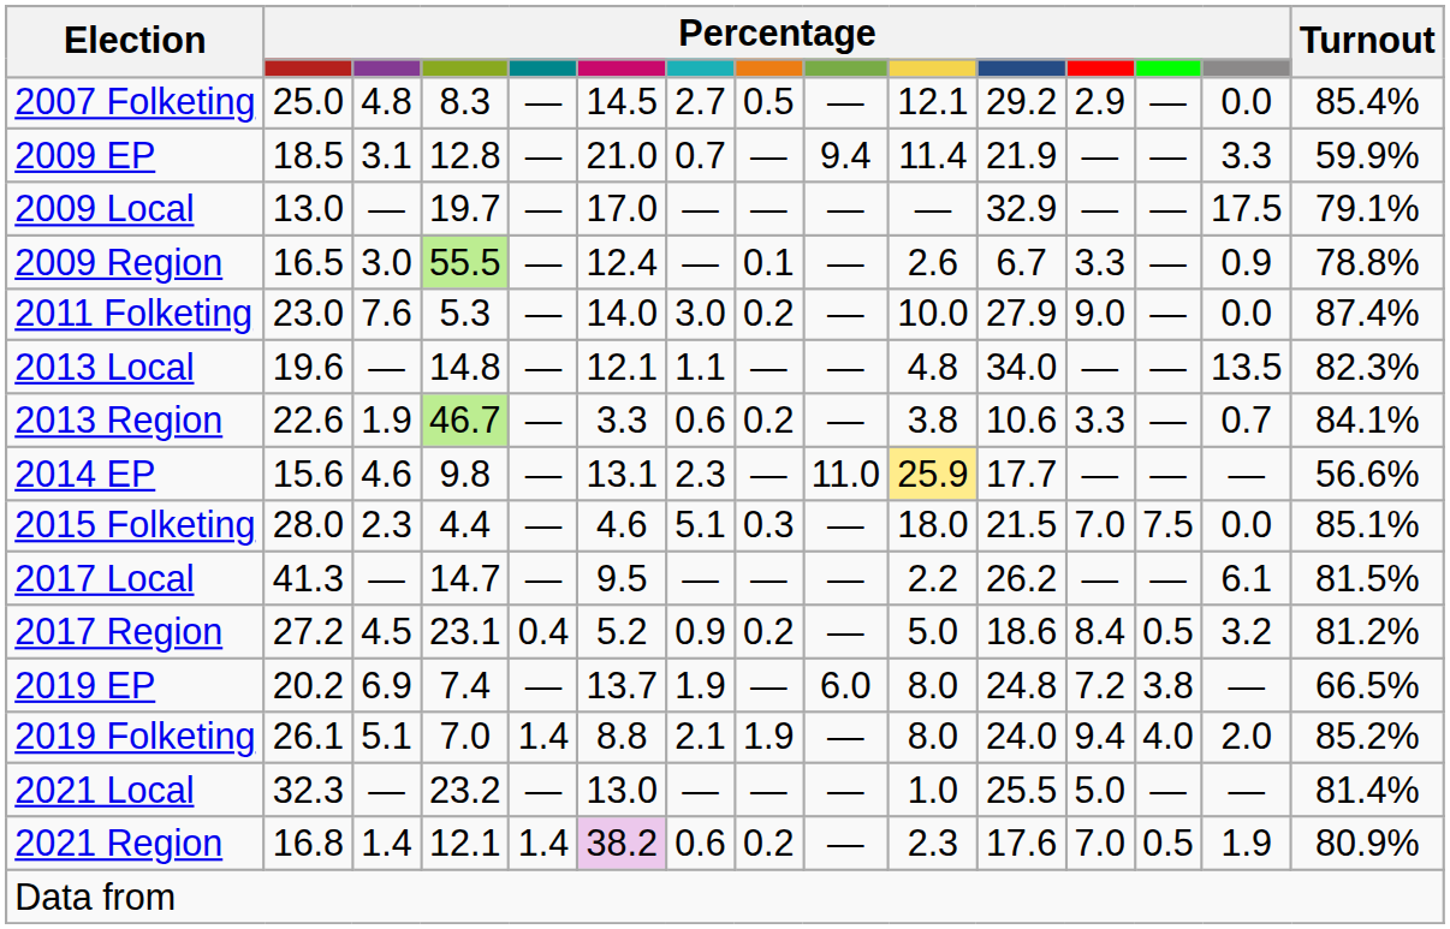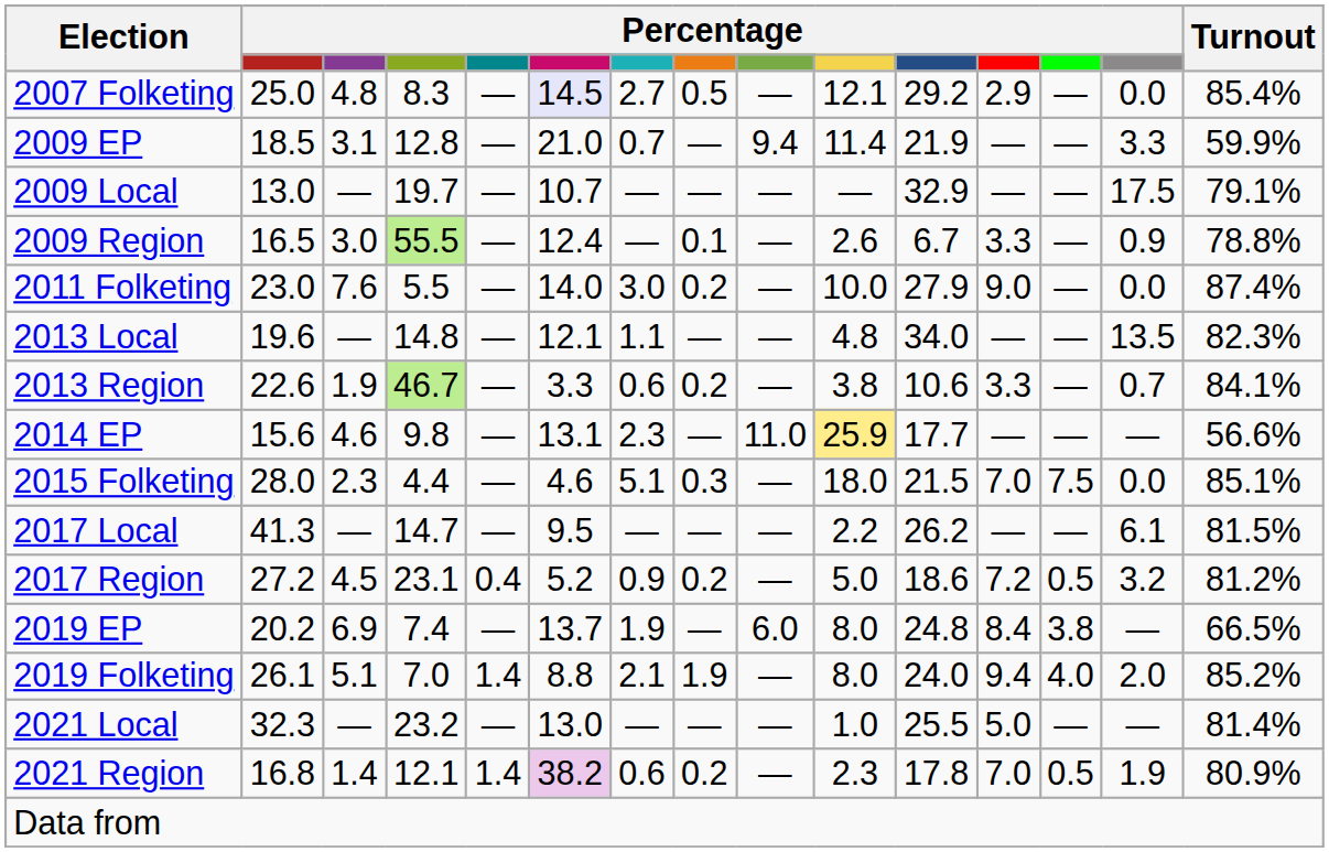 <table class="wikitable" style="text-align:center; font-size:90%; line-height:14px">
 <tr>
 <th rowspan=2>Election</th>
 <th colspan=13>Percentage</th>
 <th rowspan=2>Turnout</th>
 </tr>
 <tr>
 <td style="background:#B5211D; width:20px;"><strong><a href='#'></a></strong></td>
 <td style="background:#843A93; width:20px;"><strong><a href='#'></a></strong></td>
 <td style="background:#89A920; width:20px;"><strong><a href='#'></a></strong></td>
 <td style="background:#00868B; width:20px;"><strong><a href='#'></a></strong></td>
 <td style="background:#C9096C; width:20px;"><strong><a href='#'></a></strong></td>
 <td style="background:#1CB1B7; width:20px;"><strong><a href='#'></a></strong></td>
 <td style="background:#EC7D14; width:20px;"><strong><a href='#'></a></strong></td>
 <td style="background:#78AB46; width:20px;"><strong><a href='#'></a></strong></td>
 <td style="background:#F4D44D; width:20px;"><strong><a href='#'></a></strong></td>
 <td style="background:#254C85; width:20px;"><strong><a href='#'></a></strong></td>
 <td style="background:#FF0000; width:20px;"><strong><a href='#'></a></strong></td>
 <td style="background:#00FF00; width:20px;"><strong><a href='#'></a></strong></td>
 <td style="background:#8B8989; width:20px;"><strong></strong></td>
 </tr>
 <tr>
 <td style="text-align:left"><a href='#'>2007 Folketing</a></td>
 <td>25.0</td>
 <td>4.8</td>
 <td>8.3</td>
 <td>—</td>
-<td>14.5</td>
+<td style="background: lavender;">14.5</td>
 <td>2.7</td>
 <td>0.5</td>
 <td>—</td>
 <td>12.1</td>
 <td>29.2</td>
 <td>2.9</td>
 <td>—</td>
 <td>0.0</td>
 <td>85.4%</td>
 </tr>
 <tr>
 <td style="text-align:left"><a href='#'>2009 EP</a></td>
 <td>18.5</td>
 <td>3.1</td>
 <td>12.8</td>
 <td>—</td>
 <td>21.0</td>
 <td>0.7</td>
 <td>—</td>
 <td>9.4</td>
 <td>11.4</td>
 <td>21.9</td>
 <td>—</td>
 <td>—</td>
 <td>3.3</td>
 <td>59.9%</td>
 </tr>
 <tr>
 <td style="text-align:left"><a href='#'>2009 Local</a></td>
 <td>13.0</td>
 <td>—</td>
 <td>19.7</td>
 <td>—</td>
-<td>17.0</td>
+<td>10.7</td>
 <td>—</td>
 <td>—</td>
 <td>—</td>
 <td>—</td>
 <td>32.9</td>
 <td>—</td>
 <td>—</td>
 <td>17.5</td>
 <td>79.1%</td>
 </tr>
 <tr>
 <td style="text-align:left"><a href='#'>2009 Region</a></td>
 <td>16.5</td>
 <td>3.0</td>
 <td style="background:#BCED91;">55.5</td>
 <td>—</td>
 <td>12.4</td>
 <td>—</td>
 <td>0.1</td>
 <td>—</td>
 <td>2.6</td>
 <td>6.7</td>
 <td>3.3</td>
 <td>—</td>
 <td>0.9</td>
 <td>78.8%</td>
 </tr>
 <tr>
 <td style="text-align:left"><a href='#'>2011 Folketing</a></td>
 <td>23.0</td>
 <td>7.6</td>
-<td>5.3</td>
+<td>5.5</td>
 <td>—</td>
 <td>14.0</td>
 <td>3.0</td>
 <td>0.2</td>
 <td>—</td>
 <td>10.0</td>
 <td>27.9</td>
 <td>9.0</td>
 <td>—</td>
 <td>0.0</td>
 <td>87.4%</td>
 </tr>
 <tr>
 <td style="text-align:left"><a href='#'>2013 Local</a></td>
 <td>19.6</td>
 <td>—</td>
 <td>14.8</td>
 <td>—</td>
 <td>12.1</td>
 <td>1.1</td>
 <td>—</td>
 <td>—</td>
 <td>4.8</td>
 <td>34.0</td>
 <td>—</td>
 <td>—</td>
 <td>13.5</td>
 <td>82.3%</td>
 </tr>
 <tr>
 <td style="text-align:left"><a href='#'>2013 Region</a></td>
 <td>22.6</td>
 <td>1.9</td>
 <td style="background:#BCED91;">46.7</td>
 <td>—</td>
 <td>3.3</td>
 <td>0.6</td>
 <td>0.2</td>
 <td>—</td>
 <td>3.8</td>
 <td>10.6</td>
 <td>3.3</td>
 <td>—</td>
 <td>0.7</td>
 <td>84.1%</td>
 </tr>
 <tr>
 <td style="text-align:left"><a href='#'>2014 EP</a></td>
 <td>15.6</td>
 <td>4.6</td>
 <td>9.8</td>
 <td>—</td>
 <td>13.1</td>
 <td>2.3</td>
 <td>—</td>
 <td>11.0</td>
 <td style="background:#FFEC8B;">25.9</td>
 <td>17.7</td>
 <td>—</td>
 <td>—</td>
 <td>—</td>
 <td>56.6%</td>
 </tr>
 <tr>
 <td style="text-align:left"><a href='#'>2015 Folketing</a></td>
 <td>28.0</td>
 <td>2.3</td>
 <td>4.4</td>
 <td>—</td>
 <td>4.6</td>
 <td>5.1</td>
 <td>0.3</td>
 <td>—</td>
 <td>18.0</td>
 <td>21.5</td>
 <td>7.0</td>
 <td>7.5</td>
 <td>0.0</td>
 <td>85.1%</td>
 </tr>
 <tr>
 <td style="text-align:left"><a href='#'>2017 Local</a></td>
 <td>41.3</td>
 <td>—</td>
 <td>14.7</td>
 <td>—</td>
 <td>9.5</td>
 <td>—</td>
 <td>—</td>
 <td>—</td>
 <td>2.2</td>
 <td>26.2</td>
 <td>—</td>
 <td>—</td>
 <td>6.1</td>
 <td>81.5%</td>
 </tr>
 <tr>
 <td style="text-align:left"><a href='#'>2017 Region</a></td>
 <td>27.2</td>
 <td>4.5</td>
 <td>23.1</td>
 <td>0.4</td>
 <td>5.2</td>
 <td>0.9</td>
 <td>0.2</td>
 <td>—</td>
 <td>5.0</td>
 <td>18.6</td>
-<td>8.4</td>
+<td>7.2</td>
 <td>0.5</td>
 <td>3.2</td>
 <td>81.2%</td>
 </tr>
 <tr>
 <td style="text-align:left"><a href='#'>2019 EP</a></td>
 <td>20.2</td>
 <td>6.9</td>
 <td>7.4</td>
 <td>—</td>
 <td>13.7</td>
 <td>1.9</td>
 <td>—</td>
 <td>6.0</td>
 <td>8.0</td>
 <td>24.8</td>
-<td>7.2</td>
+<td>8.4</td>
 <td>3.8</td>
 <td>—</td>
 <td>66.5%</td>
 </tr>
 <tr>
 <td style="text-align:left"><a href='#'>2019 Folketing</a></td>
 <td>26.1</td>
 <td>5.1</td>
 <td>7.0</td>
 <td>1.4</td>
 <td>8.8</td>
 <td>2.1</td>
 <td>1.9</td>
 <td>—</td>
 <td>8.0</td>
 <td>24.0</td>
 <td>9.4</td>
 <td>4.0</td>
 <td>2.0</td>
 <td>85.2%</td>
 </tr>
 <tr>
 <td style="text-align:left"><a href='#'>2021 Local</a></td>
 <td>32.3</td>
 <td>—</td>
 <td>23.2</td>
 <td>—</td>
 <td>13.0</td>
 <td>—</td>
 <td>—</td>
 <td>—</td>
 <td>1.0</td>
 <td>25.5</td>
 <td>5.0</td>
 <td>—</td>
 <td>—</td>
 <td>81.4%</td>
 </tr>
 <tr>
 <td style="text-align:left"><a href='#'>2021 Region</a></td>
 <td>16.8</td>
 <td>1.4</td>
 <td>12.1</td>
 <td>1.4</td>
 <td style="background:#ECC8EC;">38.2</td>
 <td>0.6</td>
 <td>0.2</td>
 <td>—</td>
 <td>2.3</td>
-<td>17.6</td>
+<td>17.8</td>
 <td>7.0</td>
 <td>0.5</td>
 <td>1.9</td>
 <td>80.9%</td>
 </tr>
 <tr>
 <td colspan=20 style="text-align:left">Data from </td>
 </tr>
 </table>
